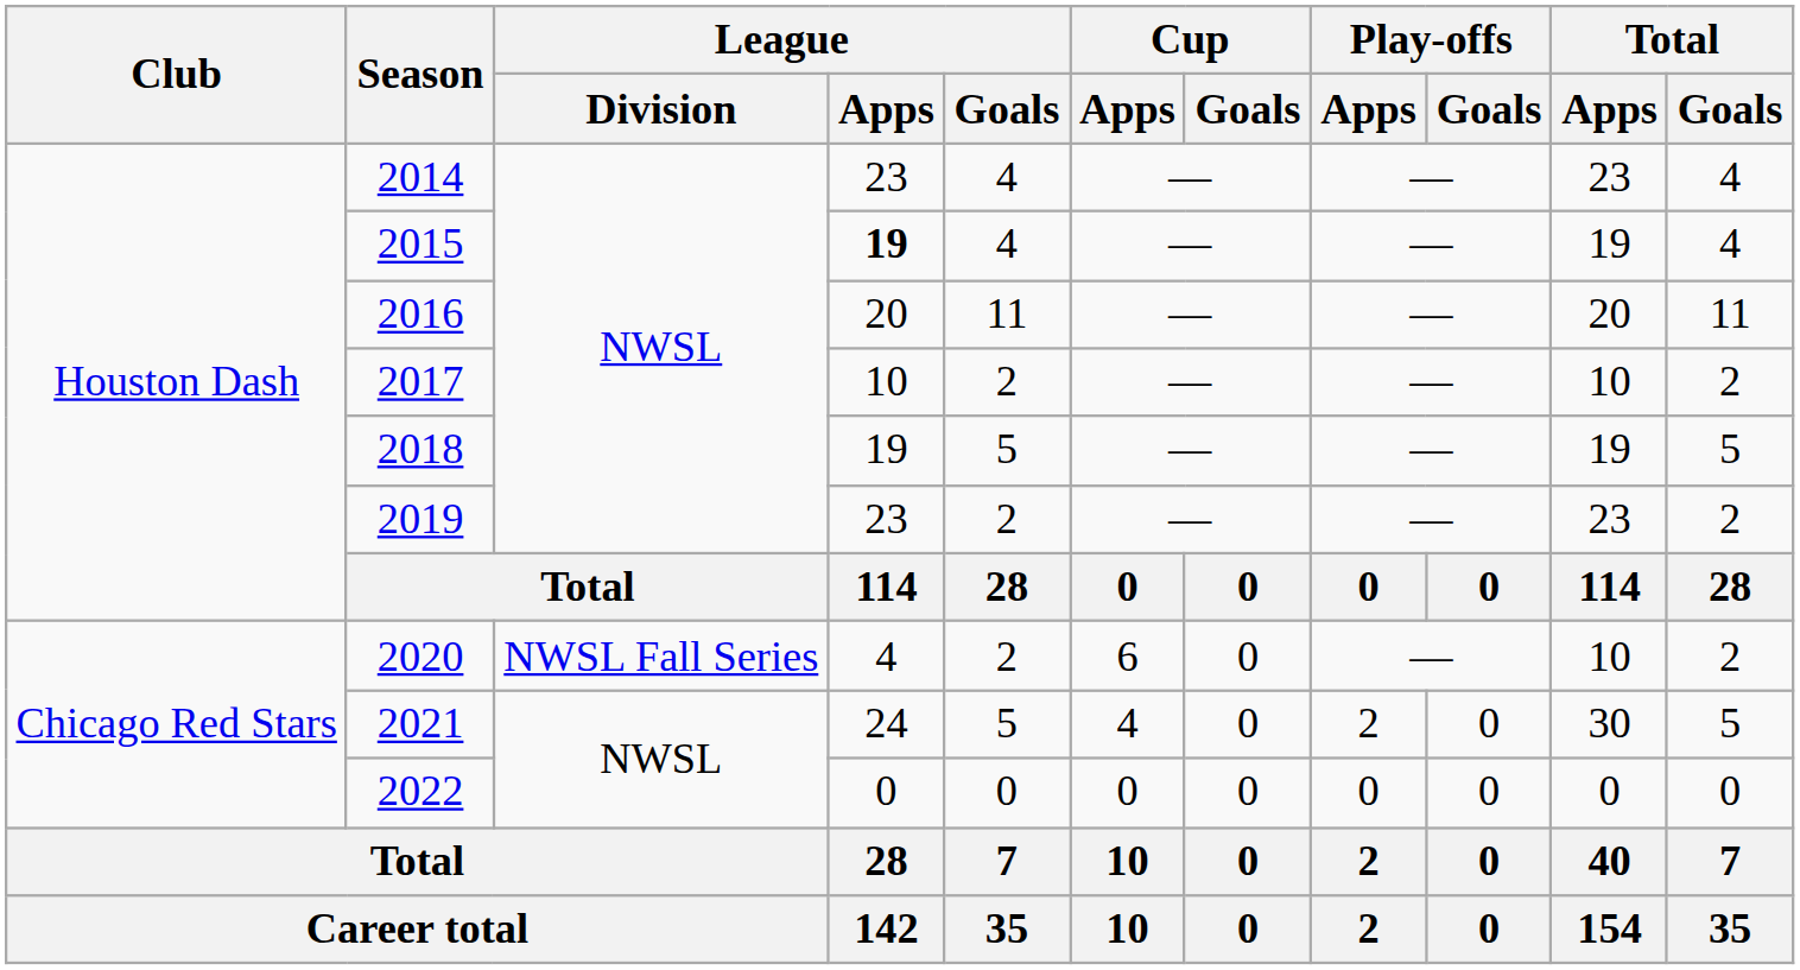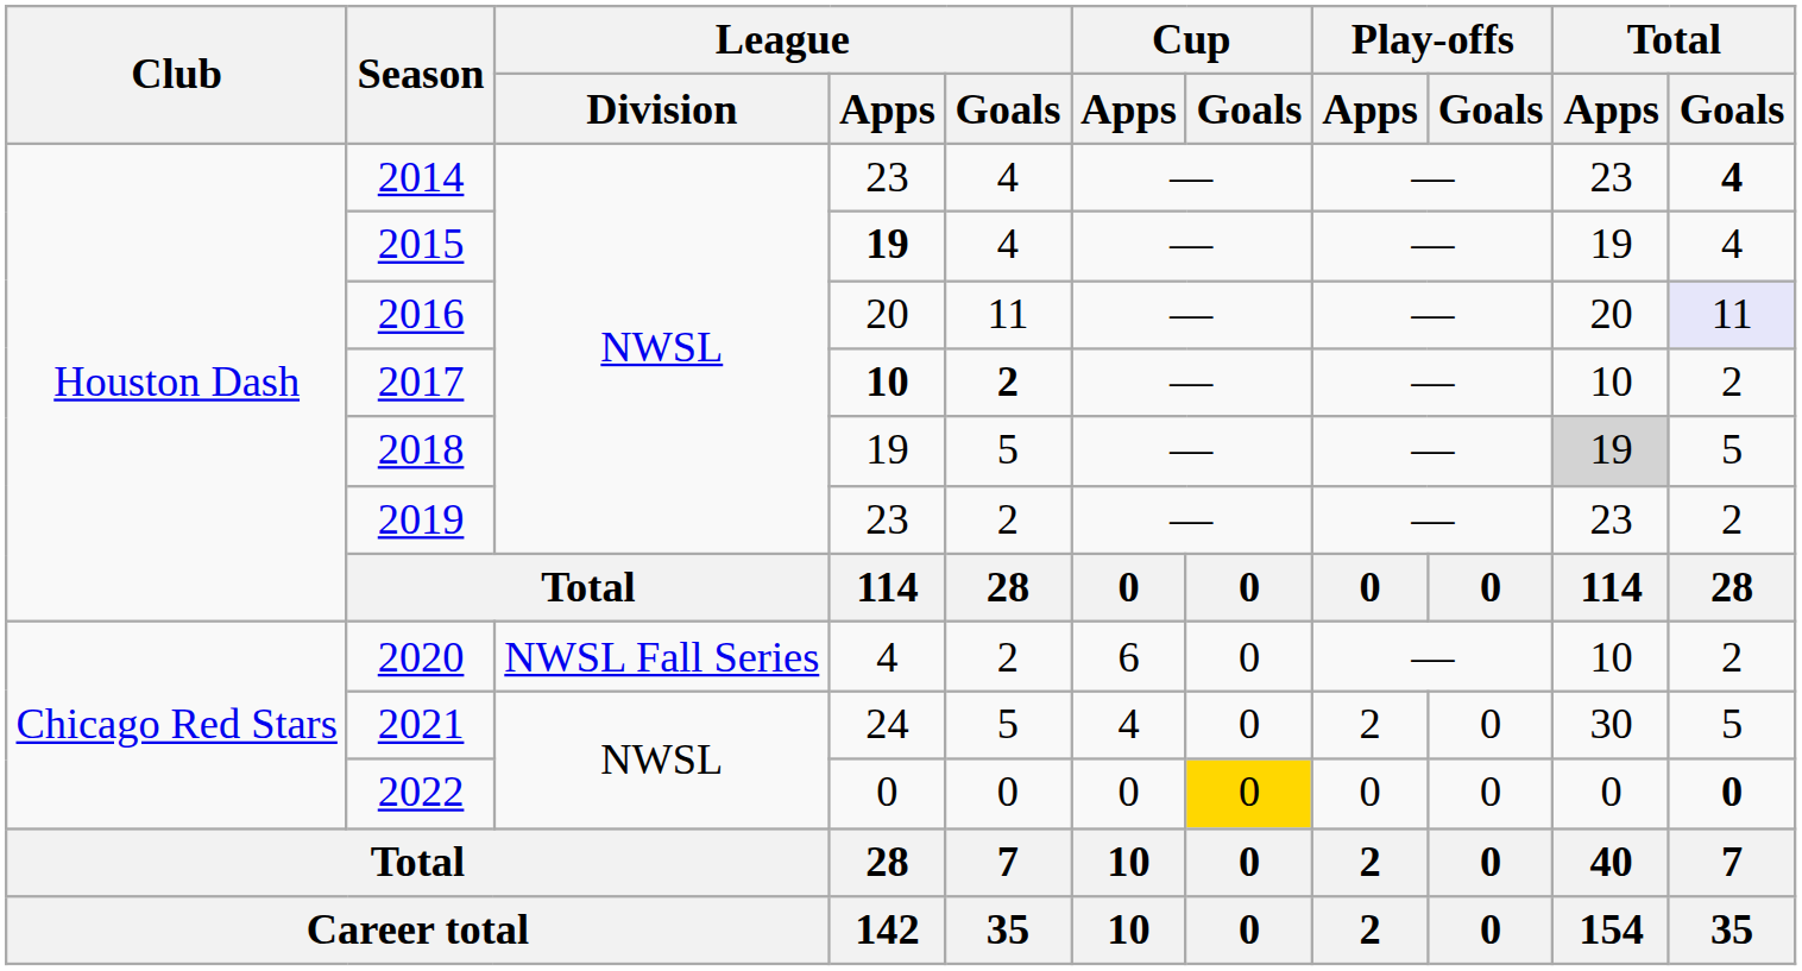 <table class="wikitable" style="text-align:center">
 <tr>
 <th rowspan="2">Club</th>
 <th rowspan="2">Season</th>
 <th colspan="3">League</th>
 <th colspan="2">Cup</th>
 <th colspan="2">Play-offs</th>
 <th colspan="2">Total</th>
 </tr>
 <tr>
 <th>Division</th>
 <th>Apps</th>
 <th>Goals</th>
 <th>Apps</th>
 <th>Goals</th>
 <th>Apps</th>
 <th>Goals</th>
 <th>Apps</th>
 <th>Goals</th>
 </tr>
 <tr>
 <td rowspan="7"><a href='#'>Houston Dash</a></td>
 <td><a href='#'>2014</a></td>
 <td rowspan="6"><a href='#'>NWSL</a></td>
 <td>23</td>
 <td>4</td>
 <td colspan="2">—</td>
 <td colspan="2">—</td>
 <td>23</td>
-<td>4</td>
+<td><strong>4</strong></td>
 </tr>
 <tr>
 <td><a href='#'>2015</a></td>
 <td><strong>19</strong></td>
 <td>4</td>
 <td colspan="2">—</td>
 <td colspan="2">—</td>
 <td>19</td>
 <td>4</td>
 </tr>
 <tr>
 <td><a href='#'>2016</a></td>
 <td>20</td>
 <td>11</td>
 <td colspan="2">—</td>
 <td colspan="2">—</td>
 <td>20</td>
-<td>11</td>
+<td style="background: lavender;">11</td>
 </tr>
 <tr>
 <td><a href='#'>2017</a></td>
-<td>10</td>
-<td>2</td>
+<td><strong>10</strong></td>
+<td><strong>2</strong></td>
 <td colspan="2">—</td>
 <td colspan="2">—</td>
 <td>10</td>
 <td>2</td>
 </tr>
 <tr>
 <td><a href='#'>2018</a></td>
 <td>19</td>
 <td>5</td>
 <td colspan="2">—</td>
 <td colspan="2">—</td>
-<td>19</td>
+<td style="background: lightgrey;">19</td>
 <td>5</td>
 </tr>
 <tr>
 <td><a href='#'>2019</a></td>
 <td>23</td>
 <td>2</td>
 <td colspan="2">—</td>
 <td colspan="2">—</td>
 <td>23</td>
 <td>2</td>
 </tr>
 <tr>
 <th colspan="2">Total</th>
 <th>114</th>
 <th>28</th>
 <th>0</th>
 <th>0</th>
 <th>0</th>
 <th>0</th>
 <th>114</th>
 <th>28</th>
 </tr>
 <tr>
 <td rowspan="3"><a href='#'>Chicago Red Stars</a></td>
 <td><a href='#'>2020</a></td>
 <td rowspan="1"><a href='#'>NWSL Fall Series</a></td>
 <td>4</td>
 <td>2</td>
 <td>6</td>
 <td>0</td>
 <td colspan="2">—</td>
 <td>10</td>
 <td>2</td>
 </tr>
 <tr>
 <td><a href='#'>2021</a></td>
 <td rowspan="2">NWSL</td>
 <td>24</td>
 <td>5</td>
 <td>4</td>
 <td>0</td>
 <td>2</td>
 <td>0</td>
 <td>30</td>
 <td>5</td>
 </tr>
 <tr>
 <td><a href='#'>2022</a></td>
 <td>0</td>
 <td>0</td>
 <td>0</td>
+<td style="background: gold;">0</td>
 <td>0</td>
 <td>0</td>
 <td>0</td>
-<td>0</td>
-<td>0</td>
+<td><strong>0</strong></td>
 </tr>
 <tr>
 <th colspan="3">Total</th>
 <th>28</th>
 <th>7</th>
 <th>10</th>
 <th>0</th>
 <th>2</th>
 <th>0</th>
 <th>40</th>
 <th>7</th>
 </tr>
 <tr>
 <th colspan="3">Career total</th>
 <th>142</th>
 <th>35</th>
 <th>10</th>
 <th>0</th>
 <th>2</th>
 <th>0</th>
 <th>154</th>
 <th>35</th>
 </tr>
 </table>
